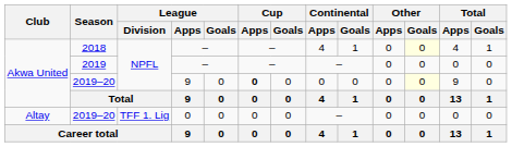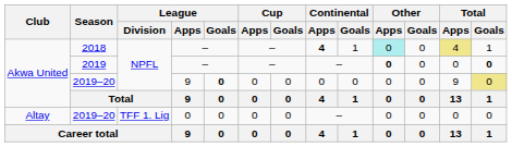 <table class="wikitable" style="text-align: center">
 <tr>
 <th rowspan="2">Club</th>
 <th rowspan="2">Season</th>
 <th colspan="3">League</th>
 <th colspan="2">Cup</th>
 <th colspan="2">Continental</th>
 <th colspan="2">Other</th>
 <th colspan="2">Total</th>
 </tr>
 <tr>
 <th>Division</th>
 <th>Apps</th>
 <th>Goals</th>
 <th>Apps</th>
 <th>Goals</th>
 <th>Apps</th>
 <th>Goals</th>
 <th>Apps</th>
 <th>Goals</th>
 <th>Apps</th>
 <th>Goals</th>
 </tr>
 <tr>
 <td rowspan="4"><a href='#'>Akwa United</a></td>
 <td><a href='#'>2018</a></td>
 <td rowspan="3"><a href='#'>NPFL</a></td>
 <td colspan="2">–</td>
 <td colspan="2">–</td>
-<td>4</td>
+<td><strong>4</strong></td>
 <td>1</td>
+<td style="background: paleturquoise;">0</td>
 <td>0</td>
-<td style="background: lightyellow;">0</td>
-<td>4</td>
+<td style="background: khaki;">4</td>
 <td>1</td>
 </tr>
 <tr>
 <td><a href='#'>2019</a></td>
 <td colspan="2">–</td>
 <td colspan="2">–</td>
 <td colspan="2">–</td>
+<td><strong>0</strong></td>
 <td>0</td>
 <td>0</td>
-<td>0</td>
-<td>0</td>
+<td><strong>0</strong></td>
 </tr>
 <tr>
 <td><a href='#'>2019–20</a></td>
 <td>9</td>
-<td>0</td>
 <td><strong>0</strong></td>
 <td>0</td>
 <td>0</td>
 <td>0</td>
 <td>0</td>
-<td style="background: lightyellow;">0</td>
+<td>0</td>
+<td>0</td>
 <td>9</td>
-<td>0</td>
+<td style="background: khaki;">0</td>
 </tr>
 <tr>
 <th colspan="2"><strong>Total</strong></th>
 <th>9</th>
 <th>0</th>
 <th>0</th>
 <th>0</th>
 <th>4</th>
 <th>1</th>
 <th>0</th>
 <th>0</th>
 <th>13</th>
 <th>1</th>
 </tr>
 <tr>
 <td><a href='#'>Altay</a></td>
 <td><a href='#'>2019–20</a></td>
 <td><a href='#'>TFF 1. Lig</a></td>
 <td>0</td>
 <td>0</td>
 <td>0</td>
 <td>0</td>
 <td colspan="2">–</td>
 <td>0</td>
 <td>0</td>
 <td>0</td>
 <td>0</td>
 </tr>
 <tr>
 <th colspan="3"><strong>Career total</strong></th>
 <th>9</th>
 <th>0</th>
 <th>0</th>
 <th>0</th>
 <th>4</th>
 <th>1</th>
 <th>0</th>
 <th>0</th>
 <th>13</th>
 <th>1</th>
 </tr>
 </table>
